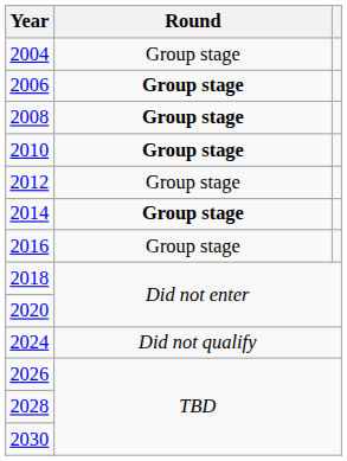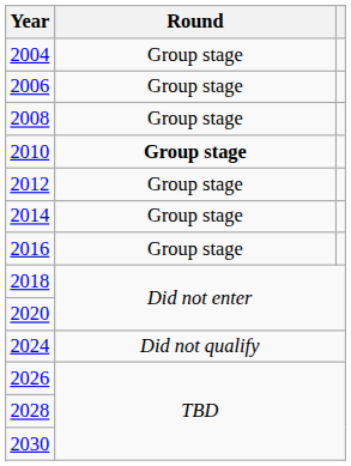 <table class="wikitable" style="text-align: center; font-size:90%">
 <tr>
 <th>Year</th>
 <th style="width:200px">Round</th>
 <th></th>
 </tr>
 <tr>
 <td><a href='#'>2004</a></td>
 <td>Group stage</td>
 <td></td>
 </tr>
 <tr>
 <td><a href='#'>2006</a></td>
-<td><strong>Group stage</strong></td>
+<td>Group stage</td>
 <td></td>
 </tr>
 <tr>
 <td><a href='#'>2008</a></td>
-<td><strong>Group stage</strong></td>
+<td>Group stage</td>
 <td></td>
 </tr>
 <tr>
 <td><a href='#'>2010</a></td>
 <td><strong>Group stage</strong></td>
 <td></td>
 </tr>
 <tr>
 <td><a href='#'>2012</a></td>
 <td>Group stage</td>
 <td></td>
 </tr>
 <tr>
 <td><a href='#'>2014</a></td>
-<td><strong>Group stage</strong></td>
+<td>Group stage</td>
 <td></td>
 </tr>
 <tr>
 <td><a href='#'>2016</a></td>
 <td>Group stage</td>
 <td></td>
 </tr>
 <tr>
 <td><a href='#'>2018</a></td>
 <td colspan="2" rowspan="2"><em>Did not enter</em></td>
 </tr>
 <tr>
 <td><a href='#'>2020</a></td>
 </tr>
 <tr>
 <td><a href='#'>2024</a></td>
 <td colspan="2"><em>Did not qualify</em></td>
 </tr>
 <tr>
 <td><a href='#'>2026</a></td>
 <td colspan="2" rowspan="3"><em>TBD</em></td>
 </tr>
 <tr>
 <td><a href='#'>2028</a></td>
 </tr>
 <tr>
 <td><a href='#'>2030</a></td>
 </tr>
 </table>
